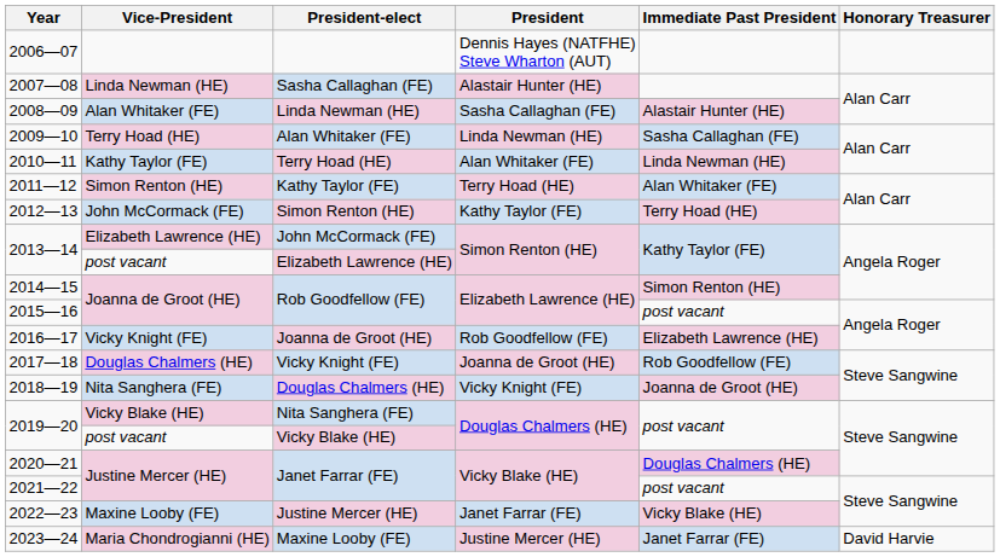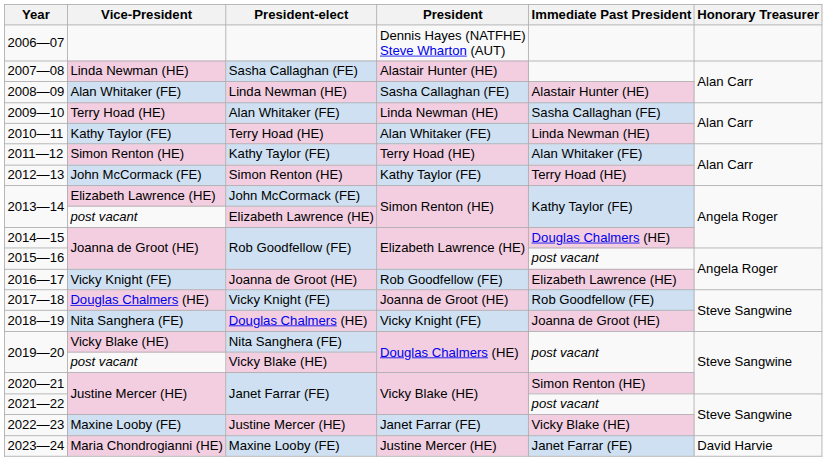 <table class=wikitable>
 <tr>
 <th>Year</th>
 <th>Vice-President</th>
 <th>President-elect</th>
 <th>President</th>
 <th>Immediate Past President</th>
 <th>Honorary Treasurer</th>
 </tr>
 <tr>
 <td>2006—07</td>
 <td></td>
 <td></td>
 <td>Dennis Hayes (NATFHE)<br><a href='#'>Steve Wharton</a> (AUT)</td>
 <td></td>
 <td></td>
 </tr>
 <tr>
 <td>2007—08</td>
 <td style="background: #f2cee0">Linda Newman (HE)</td>
 <td style="background: #cee0f2">Sasha Callaghan (FE)</td>
 <td style="background: #f2cee0">Alastair Hunter (HE)</td>
 <td></td>
 <td rowspan=2>Alan Carr</td>
 </tr>
 <tr>
 <td>2008—09</td>
 <td style="background: #cee0f2">Alan Whitaker (FE)</td>
 <td style="background: #f2cee0">Linda Newman (HE)</td>
 <td style="background: #cee0f2">Sasha Callaghan (FE)</td>
 <td style="background: #f2cee0">Alastair Hunter (HE)</td>
 </tr>
 <tr>
 <td>2009—10</td>
 <td style="background: #f2cee0">Terry Hoad (HE)</td>
 <td style="background: #cee0f2">Alan Whitaker (FE)</td>
 <td style="background: #f2cee0">Linda Newman (HE)</td>
 <td style="background: #cee0f2">Sasha Callaghan (FE)</td>
 <td rowspan=2>Alan Carr</td>
 </tr>
 <tr>
 <td>2010—11</td>
 <td style="background: #cee0f2">Kathy Taylor (FE)</td>
 <td style="background: #f2cee0">Terry Hoad (HE)</td>
 <td style="background: #cee0f2">Alan Whitaker (FE)</td>
 <td style="background: #f2cee0">Linda Newman (HE)</td>
 </tr>
 <tr>
 <td>2011—12</td>
 <td style="background: #f2cee0">Simon Renton (HE)</td>
 <td style="background: #cee0f2">Kathy Taylor (FE)</td>
 <td style="background: #f2cee0">Terry Hoad (HE)</td>
 <td style="background: #cee0f2">Alan Whitaker (FE)</td>
 <td rowspan=2>Alan Carr</td>
 </tr>
 <tr>
 <td>2012—13</td>
 <td style="background: #cee0f2">John McCormack (FE)</td>
 <td style="background: #f2cee0">Simon Renton (HE)</td>
 <td style="background: #cee0f2">Kathy Taylor (FE)</td>
 <td style="background: #f2cee0">Terry Hoad (HE)</td>
 </tr>
 <tr>
 <td rowspan=2>2013—14</td>
 <td style="background: #f2cee0">Elizabeth Lawrence (HE)</td>
 <td style="background: #cee0f2">John McCormack (FE)</td>
 <td style="background: #f2cee0" rowspan=2>Simon Renton (HE)</td>
 <td style="background: #cee0f2" rowspan=2>Kathy Taylor (FE)</td>
 <td rowspan=3>Angela Roger</td>
 </tr>
 <tr>
 <td><em>post vacant</em></td>
 <td style="background: #f2cee0">Elizabeth Lawrence (HE)</td>
 </tr>
 <tr>
 <td>2014—15</td>
 <td style="background: #f2cee0" rowspan=2>Joanna de Groot (HE)</td>
 <td style="background: #cee0f2" rowspan=2>Rob Goodfellow (FE)</td>
 <td style="background: #f2cee0" rowspan=2>Elizabeth Lawrence (HE)</td>
-<td style="background: #f2cee0">Simon Renton (HE)</td>
+<td style="background: #f2cee0"><a href='#'>Douglas Chalmers</a> (HE)</td>
 </tr>
 <tr>
 <td>2015—16</td>
 <td><em>post vacant</em></td>
 <td rowspan=2>Angela Roger</td>
 </tr>
 <tr>
 <td>2016—17</td>
 <td style="background: #cee0f2">Vicky Knight (FE)</td>
 <td style="background: #f2cee0">Joanna de Groot (HE)</td>
 <td style="background: #cee0f2">Rob Goodfellow (FE)</td>
 <td style="background: #f2cee0">Elizabeth Lawrence (HE)</td>
 </tr>
 <tr>
 <td>2017—18</td>
 <td style="background: #f2cee0"><a href='#'>Douglas Chalmers</a> (HE)</td>
 <td style="background: #cee0f2">Vicky Knight (FE)</td>
 <td style="background: #f2cee0">Joanna de Groot (HE)</td>
 <td style="background: #cee0f2">Rob Goodfellow (FE)</td>
 <td rowspan=2>Steve Sangwine</td>
 </tr>
 <tr>
 <td>2018—19</td>
 <td style="background: #cee0f2">Nita Sanghera (FE)</td>
 <td style="background: #f2cee0"><a href='#'>Douglas Chalmers</a> (HE)</td>
 <td style="background: #cee0f2">Vicky Knight (FE)</td>
 <td style="background: #f2cee0">Joanna de Groot (HE)</td>
 </tr>
 <tr>
 <td rowspan=2>2019—20</td>
 <td style="background: #f2cee0">Vicky Blake (HE)</td>
 <td style="background: #cee0f2">Nita Sanghera (FE)</td>
 <td style="background: #f2cee0" rowspan=2><a href='#'>Douglas Chalmers</a> (HE)</td>
 <td rowspan=2><em>post vacant</em></td>
 <td rowspan=3>Steve Sangwine</td>
 </tr>
 <tr>
 <td><em>post vacant</em></td>
 <td style="background: #f2cee0">Vicky Blake (HE)</td>
 </tr>
 <tr>
 <td>2020—21</td>
 <td style="background: #f2cee0" rowspan=2>Justine Mercer (HE)</td>
 <td style="background: #cee0f2" rowspan=2>Janet Farrar (FE)</td>
 <td style="background: #f2cee0" rowspan=2>Vicky Blake (HE)</td>
-<td style="background: #f2cee0"><a href='#'>Douglas Chalmers</a> (HE)</td>
+<td style="background: #f2cee0">Simon Renton (HE)</td>
 </tr>
 <tr>
 <td>2021—22 </td>
 <td><em>post vacant</em></td>
 <td rowspan=2>Steve Sangwine</td>
 </tr>
 <tr>
 <td>2022—23</td>
 <td style="background: #cee0f2">Maxine Looby (FE)</td>
 <td style="background: #f2cee0">Justine Mercer (HE)</td>
 <td style="background: #cee0f2">Janet Farrar (FE)</td>
 <td style="background: #f2cee0">Vicky Blake (HE)</td>
 </tr>
 <tr>
 <td>2023—24</td>
 <td style="background: #f2cee0">Maria Chondrogianni (HE)</td>
 <td style="background: #cee0f2">Maxine Looby (FE)</td>
 <td style="background: #f2cee0">Justine Mercer (HE)</td>
 <td style="background: #cee0f2">Janet Farrar (FE)</td>
 <td>David Harvie</td>
 </tr>
 </table>
